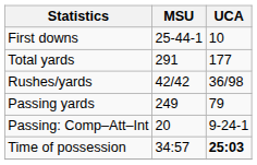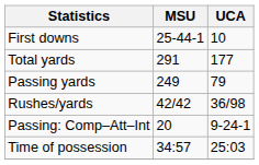 <table class="wikitable" style="float: left;">
 <tr>
 <th>Statistics</th>
 <th>MSU</th>
 <th>UCA</th>
 </tr>
 <tr>
 <td>First downs</td>
 <td>25-44-1</td>
 <td>10</td>
 </tr>
 <tr>
 <td>Total yards</td>
 <td>291</td>
 <td>177</td>
 </tr>
 <tr>
+<td>Passing yards</td>
+<td>249</td>
+<td>79</td>
+</tr>
+<tr>
 <td>Rushes/yards</td>
 <td>42/42</td>
 <td>36/98</td>
-</tr>
-<tr>
-<td>Passing yards</td>
-<td>249</td>
-<td>79</td>
 </tr>
 <tr>
 <td>Passing: Comp–Att–Int</td>
 <td>20</td>
 <td>9-24-1</td>
 </tr>
 <tr>
 <td>Time of possession</td>
 <td>34:57</td>
-<td><strong>25:03</strong></td>
+<td>25:03</td>
 </tr>
 <tr>
 </tr>
 </table>
